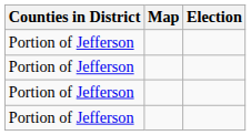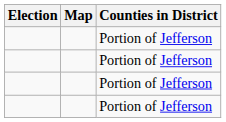 <table class="wikitable">
 <tr>
+<th>Election</th>
+<th>Map</th>
 <th>Counties in District</th>
-<th>Map</th>
-<th>Election</th>
 </tr>
 <tr>
-<td>Portion of <a href='#'>Jefferson</a></td>
 <td></td>
 <td></td>
+<td>Portion of <a href='#'>Jefferson</a></td>
 </tr>
 <tr>
-<td>Portion of <a href='#'>Jefferson</a></td>
 <td></td>
 <td></td>
+<td>Portion of <a href='#'>Jefferson</a></td>
 </tr>
 <tr>
-<td>Portion of <a href='#'>Jefferson</a></td>
 <td></td>
 <td></td>
+<td>Portion of <a href='#'>Jefferson</a></td>
 </tr>
 <tr>
-<td>Portion of <a href='#'>Jefferson</a></td>
 <td></td>
 <td></td>
+<td>Portion of <a href='#'>Jefferson</a></td>
 </tr>
 </table>
